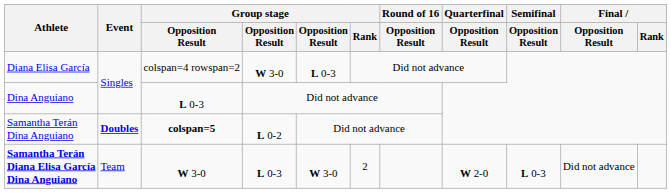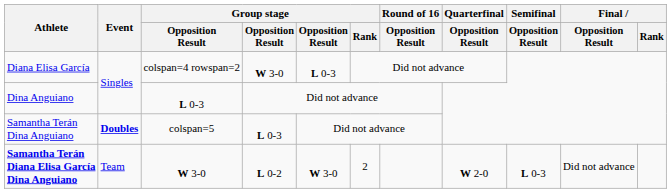 <table class=wikitable style=font-size:90%;text-align:center>
 <tr>
 <th rowspan=2>Athlete</th>
 <th rowspan=2>Event</th>
 <th colspan=4>Group stage</th>
 <th>Round of 16</th>
 <th>Quarterfinal</th>
 <th>Semifinal</th>
 <th colspan=2>Final / </th>
 </tr>
 <tr style=font-size:95%>
 <th>Opposition<br>Result</th>
 <th>Opposition<br>Result</th>
 <th>Opposition<br>Result</th>
 <th>Rank</th>
 <th>Opposition<br>Result</th>
 <th>Opposition<br>Result</th>
 <th>Opposition<br>Result</th>
 <th>Opposition<br>Result</th>
 <th>Rank</th>
 </tr>
 <tr>
 <td align=left><a href='#'>Diana Elisa García</a></td>
 <td align=left rowspan=2><a href='#'>Singles</a></td>
 <td>colspan=4 rowspan=2 </td>
 <td><br><strong>W</strong> 3-0</td>
 <td><br><strong>L</strong> 0-3</td>
 <td colspan=3>Did not advance</td>
 </tr>
 <tr>
 <td align=left><a href='#'>Dina Anguiano</a></td>
 <td><br><strong>L</strong> 0-3</td>
 <td colspan=4>Did not advance</td>
 </tr>
 <tr>
 <td align=left><a href='#'>Samantha Terán</a><br><a href='#'>Dina Anguiano</a></td>
 <td align=left><strong><a href='#'>Doubles</a></strong></td>
-<td><strong>colspan=5 </strong></td>
-<td><br><strong>L</strong> 0-2</td>
+<td>colspan=5 </td>
+<td><br><strong>L</strong> 0-3</td>
 <td colspan=3>Did not advance</td>
 </tr>
 <tr>
 <td align=left><strong><a href='#'>Samantha Terán</a><br><a href='#'>Diana Elisa García</a><br><a href='#'>Dina Anguiano</a></strong></td>
 <td align=left><a href='#'>Team</a></td>
 <td><br><strong>W</strong> 3-0</td>
-<td><br><strong>L</strong> 0-3</td>
+<td><br><strong>L</strong> 0-2</td>
 <td><br><strong>W</strong> 3-0</td>
 <td>2</td>
 <td></td>
 <td><br><strong>W</strong> 2-0</td>
 <td><br><strong>L</strong> 0-3</td>
 <td>Did not advance</td>
 <td></td>
 </tr>
 </table>
